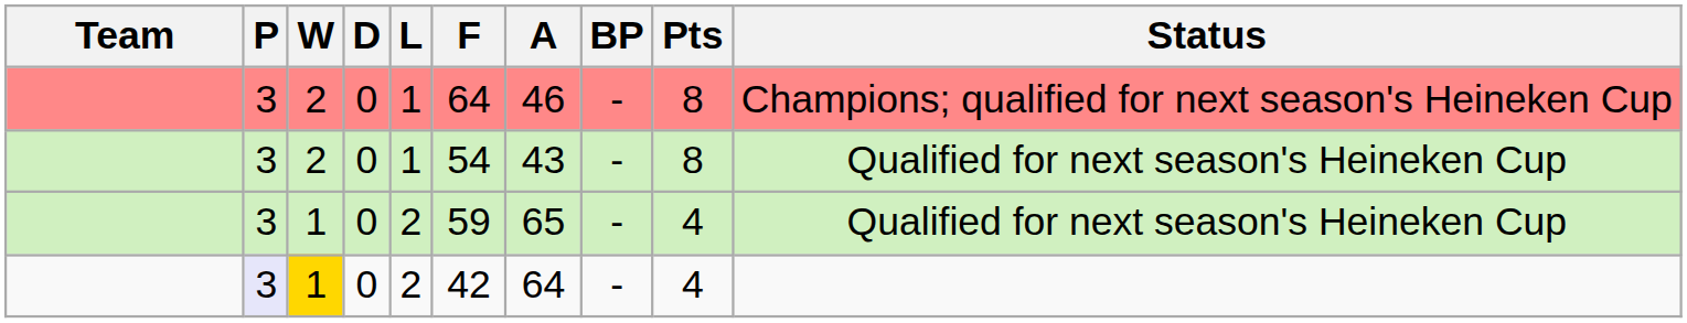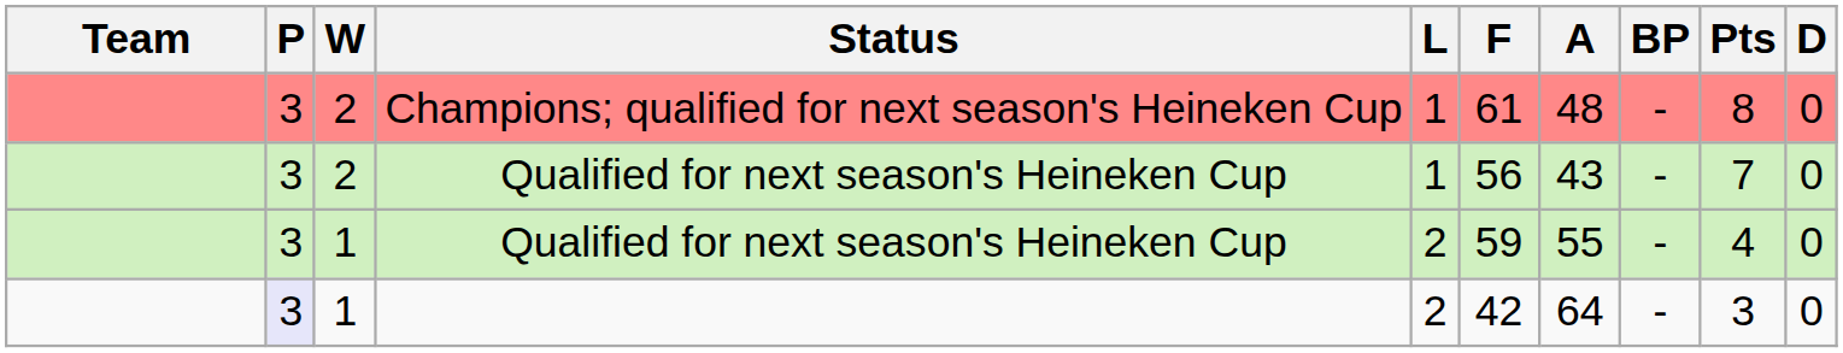 <table class="wikitable" style="text-align:center;">
 <tr>
 <th width="90px">Team</th>
 <th>P</th>
 <th>W</th>
-<th>D</th>
+<th>Status</th>
 <th>L</th>
 <th width="23px">F</th>
 <th width="23px">A</th>
 <th>BP</th>
 <th width="23px">Pts</th>
-<th>Status</th>
+<th>D</th>
 </tr>
 <tr bgcolor="#FF8888">
 <td></td>
 <td>3</td>
 <td>2</td>
-<td>0</td>
+<td>Champions; qualified for next season's Heineken Cup</td>
 <td>1</td>
-<td>64</td>
-<td>46</td>
+<td>61</td>
+<td>48</td>
 <td>-</td>
 <td>8</td>
-<td>Champions; qualified for next season's Heineken Cup</td>
+<td>0</td>
 </tr>
 <tr bgcolor="#D0F0C0">
 <td></td>
 <td>3</td>
 <td>2</td>
-<td>0</td>
+<td>Qualified for next season's Heineken Cup</td>
 <td>1</td>
-<td>54</td>
+<td>56</td>
 <td>43</td>
 <td>-</td>
-<td>8</td>
-<td>Qualified for next season's Heineken Cup</td>
+<td>7</td>
+<td>0</td>
 </tr>
 <tr bgcolor="#D0F0C0">
 <td></td>
 <td>3</td>
 <td>1</td>
-<td>0</td>
+<td>Qualified for next season's Heineken Cup</td>
 <td>2</td>
 <td>59</td>
-<td>65</td>
+<td>55</td>
 <td>-</td>
 <td>4</td>
-<td>Qualified for next season's Heineken Cup</td>
+<td>0</td>
 </tr>
 <tr>
 <td></td>
 <td style="background: lavender;">3</td>
-<td style="background: gold;">1</td>
-<td>0</td>
+<td>1</td>
+<td></td>
 <td>2</td>
 <td>42</td>
 <td>64</td>
 <td>-</td>
-<td>4</td>
-<td></td>
+<td>3</td>
+<td>0</td>
 </tr>
 </table>
